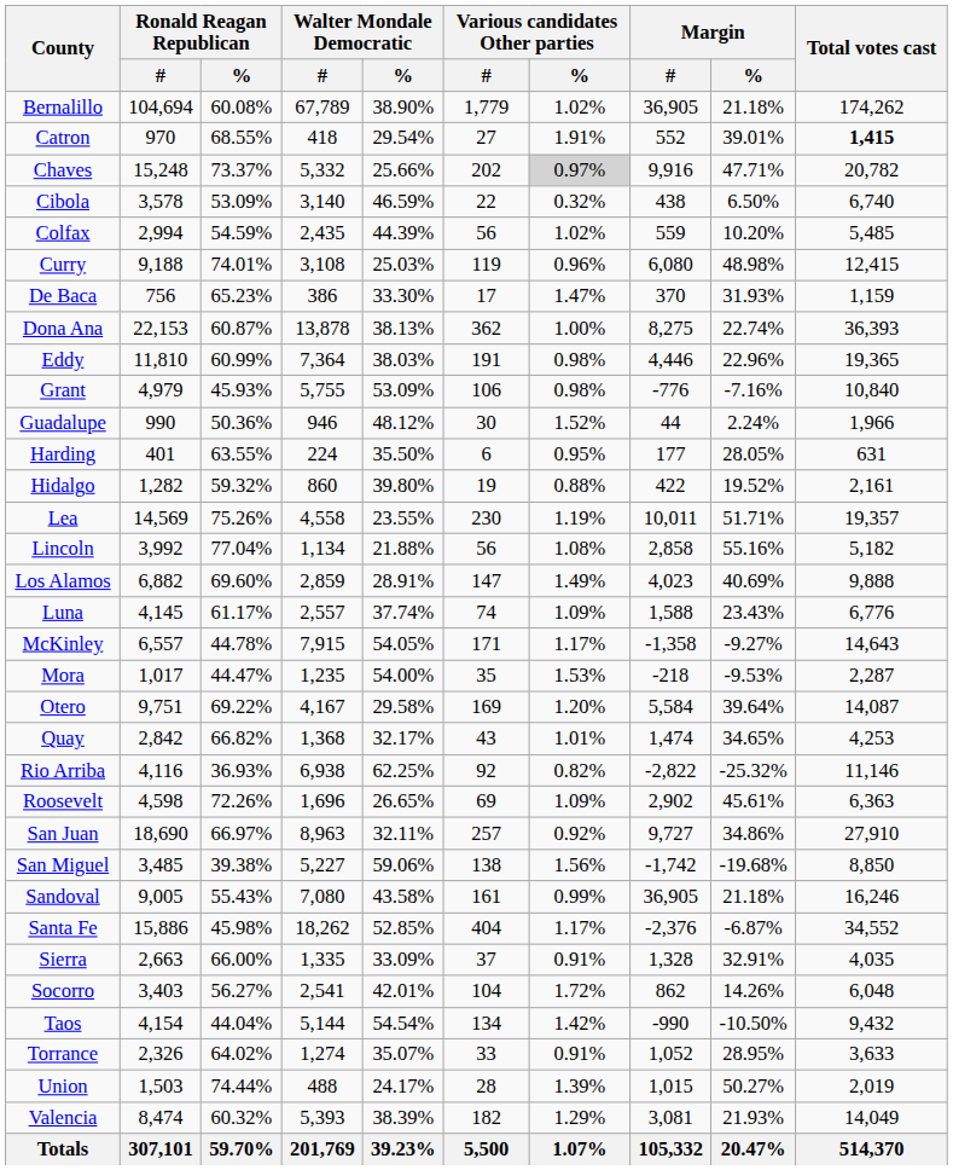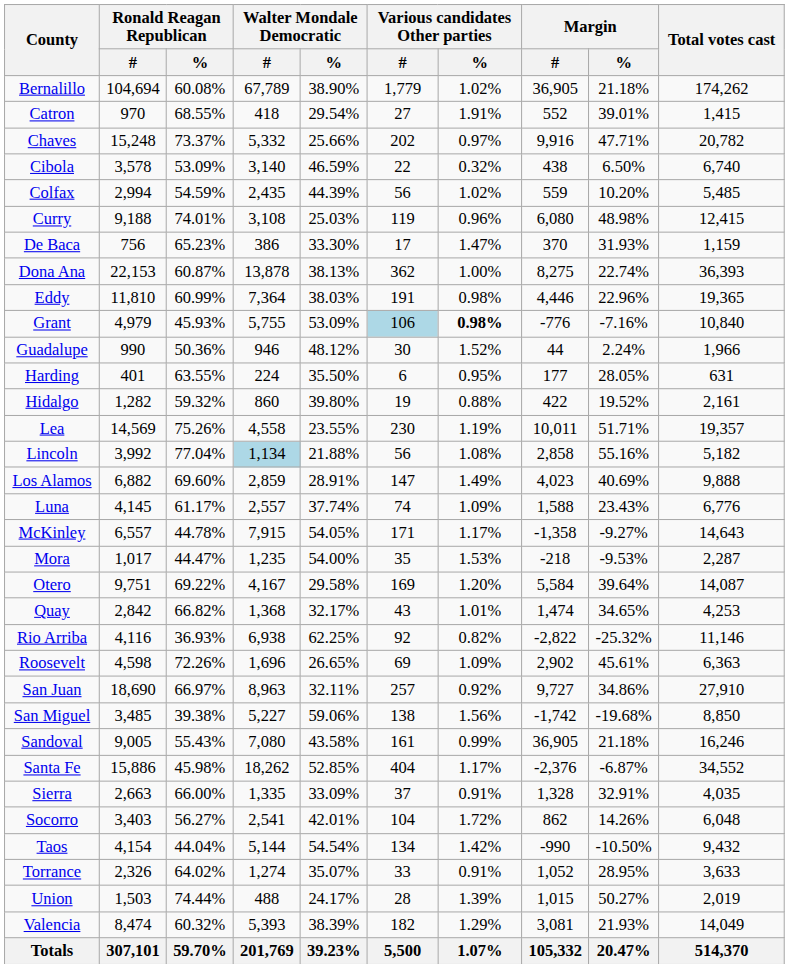 <table width="60%"  class="wikitable sortable" style="text-align:center">
 <tr>
 <th style="text-align:center;" rowspan="2">County</th>
 <th style="text-align:center;" colspan="2">Ronald Reagan<br>Republican</th>
 <th style="text-align:center;" colspan="2">Walter Mondale<br>Democratic</th>
 <th style="text-align:center;" colspan="2">Various candidates<br>Other parties</th>
 <th style="text-align:center;" colspan="2">Margin</th>
 <th style="text-align:center;" rowspan="2">Total votes cast</th>
 </tr>
 <tr>
 <th style="text-align:center;" data-sort-type="number">#</th>
 <th style="text-align:center;" data-sort-type="number">%</th>
 <th style="text-align:center;" data-sort-type="number">#</th>
 <th style="text-align:center;" data-sort-type="number">%</th>
 <th style="text-align:center;" data-sort-type="number">#</th>
 <th style="text-align:center;" data-sort-type="number">%</th>
 <th style="text-align:center;" data-sort-type="number">#</th>
 <th style="text-align:center;" data-sort-type="number">%</th>
 </tr>
 <tr style="text-align:center;">
 <td><a href='#'>Bernalillo</a></td>
 <td>104,694</td>
 <td>60.08%</td>
 <td>67,789</td>
 <td>38.90%</td>
 <td>1,779</td>
 <td>1.02%</td>
 <td>36,905</td>
 <td>21.18%</td>
 <td>174,262</td>
 </tr>
 <tr style="text-align:center;">
 <td><a href='#'>Catron</a></td>
 <td>970</td>
 <td>68.55%</td>
 <td>418</td>
 <td>29.54%</td>
 <td>27</td>
 <td>1.91%</td>
 <td>552</td>
 <td>39.01%</td>
-<td><strong>1,415</strong></td>
+<td>1,415</td>
 </tr>
 <tr style="text-align:center;">
 <td><a href='#'>Chaves</a></td>
 <td>15,248</td>
 <td>73.37%</td>
 <td>5,332</td>
 <td>25.66%</td>
 <td>202</td>
-<td style="background: lightgrey;">0.97%</td>
+<td>0.97%</td>
 <td>9,916</td>
 <td>47.71%</td>
 <td>20,782</td>
 </tr>
 <tr style="text-align:center;">
 <td><a href='#'>Cibola</a></td>
 <td>3,578</td>
 <td>53.09%</td>
 <td>3,140</td>
 <td>46.59%</td>
 <td>22</td>
 <td>0.32%</td>
 <td>438</td>
 <td>6.50%</td>
 <td>6,740</td>
 </tr>
 <tr style="text-align:center;">
 <td><a href='#'>Colfax</a></td>
 <td>2,994</td>
 <td>54.59%</td>
 <td>2,435</td>
 <td>44.39%</td>
 <td>56</td>
 <td>1.02%</td>
 <td>559</td>
 <td>10.20%</td>
 <td>5,485</td>
 </tr>
 <tr style="text-align:center;">
 <td><a href='#'>Curry</a></td>
 <td>9,188</td>
 <td>74.01%</td>
 <td>3,108</td>
 <td>25.03%</td>
 <td>119</td>
 <td>0.96%</td>
 <td>6,080</td>
 <td>48.98%</td>
 <td>12,415</td>
 </tr>
 <tr style="text-align:center;">
 <td><a href='#'>De Baca</a></td>
 <td>756</td>
 <td>65.23%</td>
 <td>386</td>
 <td>33.30%</td>
 <td>17</td>
 <td>1.47%</td>
 <td>370</td>
 <td>31.93%</td>
 <td>1,159</td>
 </tr>
 <tr style="text-align:center;">
 <td><a href='#'>Dona Ana</a></td>
 <td>22,153</td>
 <td>60.87%</td>
 <td>13,878</td>
 <td>38.13%</td>
 <td>362</td>
 <td>1.00%</td>
 <td>8,275</td>
 <td>22.74%</td>
 <td>36,393</td>
 </tr>
 <tr style="text-align:center;">
 <td><a href='#'>Eddy</a></td>
 <td>11,810</td>
 <td>60.99%</td>
 <td>7,364</td>
 <td>38.03%</td>
 <td>191</td>
 <td>0.98%</td>
 <td>4,446</td>
 <td>22.96%</td>
 <td>19,365</td>
 </tr>
 <tr style="text-align:center;">
 <td><a href='#'>Grant</a></td>
 <td>4,979</td>
 <td>45.93%</td>
 <td>5,755</td>
 <td>53.09%</td>
-<td>106</td>
-<td>0.98%</td>
+<td style="background: lightblue;">106</td>
+<td><strong>0.98%</strong></td>
 <td>-776</td>
 <td>-7.16%</td>
 <td>10,840</td>
 </tr>
 <tr style="text-align:center;">
 <td><a href='#'>Guadalupe</a></td>
 <td>990</td>
 <td>50.36%</td>
 <td>946</td>
 <td>48.12%</td>
 <td>30</td>
 <td>1.52%</td>
 <td>44</td>
 <td>2.24%</td>
 <td>1,966</td>
 </tr>
 <tr style="text-align:center;">
 <td><a href='#'>Harding</a></td>
 <td>401</td>
 <td>63.55%</td>
 <td>224</td>
 <td>35.50%</td>
 <td>6</td>
 <td>0.95%</td>
 <td>177</td>
 <td>28.05%</td>
 <td>631</td>
 </tr>
 <tr style="text-align:center;">
 <td><a href='#'>Hidalgo</a></td>
 <td>1,282</td>
 <td>59.32%</td>
 <td>860</td>
 <td>39.80%</td>
 <td>19</td>
 <td>0.88%</td>
 <td>422</td>
 <td>19.52%</td>
 <td>2,161</td>
 </tr>
 <tr style="text-align:center;">
 <td><a href='#'>Lea</a></td>
 <td>14,569</td>
 <td>75.26%</td>
 <td>4,558</td>
 <td>23.55%</td>
 <td>230</td>
 <td>1.19%</td>
 <td>10,011</td>
 <td>51.71%</td>
 <td>19,357</td>
 </tr>
 <tr style="text-align:center;">
 <td><a href='#'>Lincoln</a></td>
 <td>3,992</td>
 <td>77.04%</td>
-<td>1,134</td>
+<td style="background: lightblue;">1,134</td>
 <td>21.88%</td>
 <td>56</td>
 <td>1.08%</td>
 <td>2,858</td>
 <td>55.16%</td>
 <td>5,182</td>
 </tr>
 <tr style="text-align:center;">
 <td><a href='#'>Los Alamos</a></td>
 <td>6,882</td>
 <td>69.60%</td>
 <td>2,859</td>
 <td>28.91%</td>
 <td>147</td>
 <td>1.49%</td>
 <td>4,023</td>
 <td>40.69%</td>
 <td>9,888</td>
 </tr>
 <tr style="text-align:center;">
 <td><a href='#'>Luna</a></td>
 <td>4,145</td>
 <td>61.17%</td>
 <td>2,557</td>
 <td>37.74%</td>
 <td>74</td>
 <td>1.09%</td>
 <td>1,588</td>
 <td>23.43%</td>
 <td>6,776</td>
 </tr>
 <tr style="text-align:center;">
 <td><a href='#'>McKinley</a></td>
 <td>6,557</td>
 <td>44.78%</td>
 <td>7,915</td>
 <td>54.05%</td>
 <td>171</td>
 <td>1.17%</td>
 <td>-1,358</td>
 <td>-9.27%</td>
 <td>14,643</td>
 </tr>
 <tr style="text-align:center;">
 <td><a href='#'>Mora</a></td>
 <td>1,017</td>
 <td>44.47%</td>
 <td>1,235</td>
 <td>54.00%</td>
 <td>35</td>
 <td>1.53%</td>
 <td>-218</td>
 <td>-9.53%</td>
 <td>2,287</td>
 </tr>
 <tr style="text-align:center;">
 <td><a href='#'>Otero</a></td>
 <td>9,751</td>
 <td>69.22%</td>
 <td>4,167</td>
 <td>29.58%</td>
 <td>169</td>
 <td>1.20%</td>
 <td>5,584</td>
 <td>39.64%</td>
 <td>14,087</td>
 </tr>
 <tr style="text-align:center;">
 <td><a href='#'>Quay</a></td>
 <td>2,842</td>
 <td>66.82%</td>
 <td>1,368</td>
 <td>32.17%</td>
 <td>43</td>
 <td>1.01%</td>
 <td>1,474</td>
 <td>34.65%</td>
 <td>4,253</td>
 </tr>
 <tr style="text-align:center;">
 <td><a href='#'>Rio Arriba</a></td>
 <td>4,116</td>
 <td>36.93%</td>
 <td>6,938</td>
 <td>62.25%</td>
 <td>92</td>
 <td>0.82%</td>
 <td>-2,822</td>
 <td>-25.32%</td>
 <td>11,146</td>
 </tr>
 <tr style="text-align:center;">
 <td><a href='#'>Roosevelt</a></td>
 <td>4,598</td>
 <td>72.26%</td>
 <td>1,696</td>
 <td>26.65%</td>
 <td>69</td>
 <td>1.09%</td>
 <td>2,902</td>
 <td>45.61%</td>
 <td>6,363</td>
 </tr>
 <tr style="text-align:center;">
 <td><a href='#'>San Juan</a></td>
 <td>18,690</td>
 <td>66.97%</td>
 <td>8,963</td>
 <td>32.11%</td>
 <td>257</td>
 <td>0.92%</td>
 <td>9,727</td>
 <td>34.86%</td>
 <td>27,910</td>
 </tr>
 <tr style="text-align:center;">
 <td><a href='#'>San Miguel</a></td>
 <td>3,485</td>
 <td>39.38%</td>
 <td>5,227</td>
 <td>59.06%</td>
 <td>138</td>
 <td>1.56%</td>
 <td>-1,742</td>
 <td>-19.68%</td>
 <td>8,850</td>
 </tr>
 <tr style="text-align:center;">
 <td><a href='#'>Sandoval</a></td>
 <td>9,005</td>
 <td>55.43%</td>
 <td>7,080</td>
 <td>43.58%</td>
 <td>161</td>
 <td>0.99%</td>
 <td>36,905</td>
 <td>21.18%</td>
 <td>16,246</td>
 </tr>
 <tr style="text-align:center;">
 <td><a href='#'>Santa Fe</a></td>
 <td>15,886</td>
 <td>45.98%</td>
 <td>18,262</td>
 <td>52.85%</td>
 <td>404</td>
 <td>1.17%</td>
 <td>-2,376</td>
 <td>-6.87%</td>
 <td>34,552</td>
 </tr>
 <tr style="text-align:center;">
 <td><a href='#'>Sierra</a></td>
 <td>2,663</td>
 <td>66.00%</td>
 <td>1,335</td>
 <td>33.09%</td>
 <td>37</td>
 <td>0.91%</td>
 <td>1,328</td>
 <td>32.91%</td>
 <td>4,035</td>
 </tr>
 <tr style="text-align:center;">
 <td><a href='#'>Socorro</a></td>
 <td>3,403</td>
 <td>56.27%</td>
 <td>2,541</td>
 <td>42.01%</td>
 <td>104</td>
 <td>1.72%</td>
 <td>862</td>
 <td>14.26%</td>
 <td>6,048</td>
 </tr>
 <tr style="text-align:center;">
 <td><a href='#'>Taos</a></td>
 <td>4,154</td>
 <td>44.04%</td>
 <td>5,144</td>
 <td>54.54%</td>
 <td>134</td>
 <td>1.42%</td>
 <td>-990</td>
 <td>-10.50%</td>
 <td>9,432</td>
 </tr>
 <tr style="text-align:center;">
 <td><a href='#'>Torrance</a></td>
 <td>2,326</td>
 <td>64.02%</td>
 <td>1,274</td>
 <td>35.07%</td>
 <td>33</td>
 <td>0.91%</td>
 <td>1,052</td>
 <td>28.95%</td>
 <td>3,633</td>
 </tr>
 <tr style="text-align:center;">
 <td><a href='#'>Union</a></td>
 <td>1,503</td>
 <td>74.44%</td>
 <td>488</td>
 <td>24.17%</td>
 <td>28</td>
 <td>1.39%</td>
 <td>1,015</td>
 <td>50.27%</td>
 <td>2,019</td>
 </tr>
 <tr style="text-align:center;">
 <td><a href='#'>Valencia</a></td>
 <td>8,474</td>
 <td>60.32%</td>
 <td>5,393</td>
 <td>38.39%</td>
 <td>182</td>
 <td>1.29%</td>
 <td>3,081</td>
 <td>21.93%</td>
 <td>14,049</td>
 </tr>
 <tr>
 <th>Totals</th>
 <th>307,101</th>
 <th>59.70%</th>
 <th>201,769</th>
 <th>39.23%</th>
 <th>5,500</th>
 <th>1.07%</th>
 <th>105,332</th>
 <th>20.47%</th>
 <th>514,370</th>
 </tr>
 </table>
